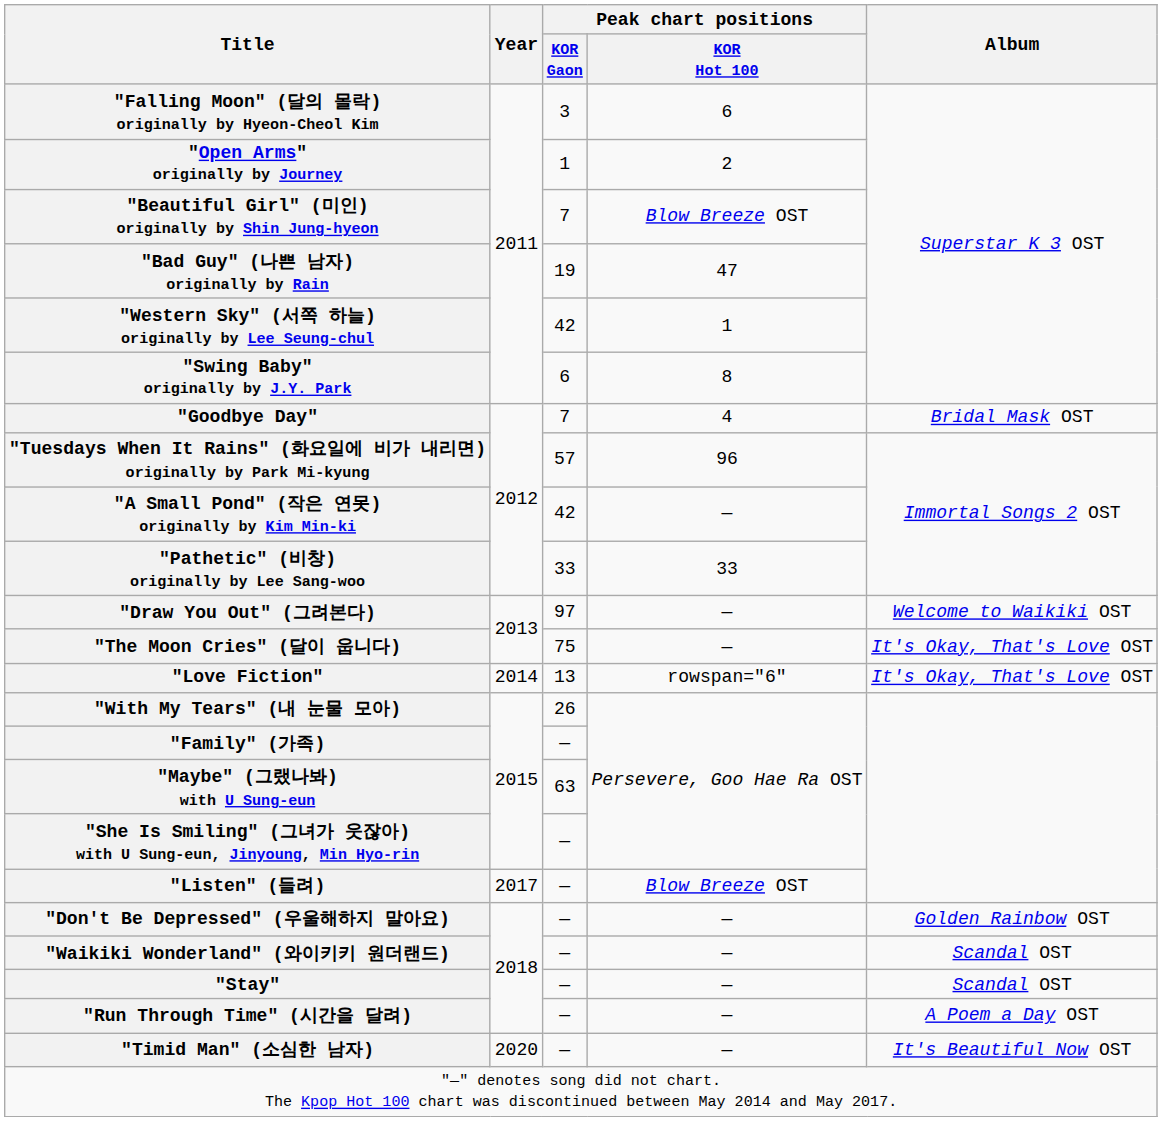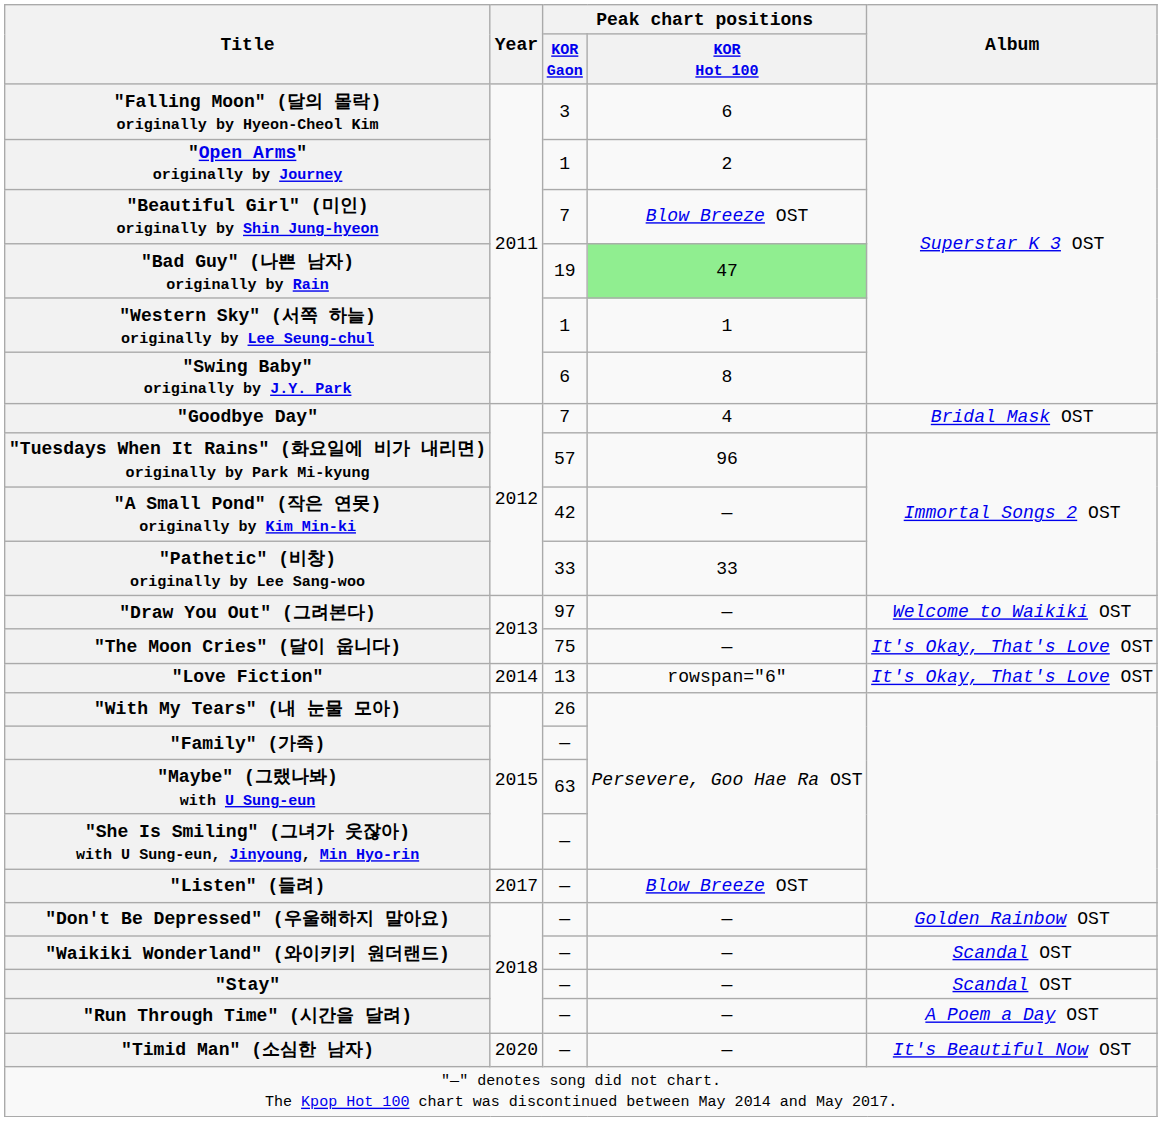 <table class="wikitable plainrowheaders" style="text-align:center;">
 <tr>
 <th rowspan="2" scope="col">Title</th>
 <th rowspan="2" scope="col">Year</th>
 <th colspan="2" scope="col" style="width:5em;">Peak chart positions</th>
 <th rowspan="2" scope="col">Album</th>
 </tr>
 <tr>
 <th><small><a href='#'>KOR<br>Gaon</a></small><br></th>
 <th><small><a href='#'>KOR<br>Hot 100</a></small><br></th>
 </tr>
 <tr>
 <th scope="row">"Falling Moon" (달의 몰락)<br><small>originally by Hyeon-Cheol Kim</small></th>
 <td rowspan="6">2011</td>
 <td>3</td>
 <td>6</td>
 <td rowspan="6"><em><a href='#'>Superstar K 3</a></em> OST</td>
 </tr>
 <tr>
 <th scope="row">"<a href='#'>Open Arms</a>"<br><small>originally by <a href='#'>Journey</a></small></th>
 <td>1</td>
 <td>2</td>
 </tr>
 <tr>
 <th scope="row">"Beautiful Girl" (미인)<br><small>originally by <a href='#'>Shin Jung-hyeon</a></small></th>
 <td>7</td>
 <td><em><a href='#'>Blow Breeze</a></em> OST</td>
 </tr>
 <tr>
 <th scope="row">"Bad Guy" (나쁜 남자)<br><small>originally by <a href='#'>Rain</a></small></th>
 <td>19</td>
-<td>47</td>
+<td style="background: lightgreen;">47</td>
 </tr>
 <tr>
 <th scope="row">"Western Sky" (서쪽 하늘)<br><small>originally by <a href='#'>Lee Seung-chul</a></small></th>
-<td>42</td>
+<td>1</td>
 <td>1</td>
 </tr>
 <tr>
 <th scope="row">"Swing Baby"<br><small>originally by <a href='#'>J.Y. Park</a></small></th>
 <td>6</td>
 <td>8</td>
 </tr>
 <tr>
 <th scope="row">"Goodbye Day"</th>
 <td rowspan="4">2012</td>
 <td>7</td>
 <td>4</td>
 <td><em><a href='#'>Bridal Mask</a></em> OST</td>
 </tr>
 <tr>
 <th scope="row">"Tuesdays When It Rains" (화요일에 비가 내리면)<br><small>originally by Park Mi-kyung</small></th>
 <td>57</td>
 <td>96</td>
 <td rowspan="3"><em><a href='#'>Immortal Songs 2</a></em> OST</td>
 </tr>
 <tr>
 <th scope="row">"A Small Pond" (작은 연못)<br><small>originally by <a href='#'>Kim Min-ki</a></small></th>
 <td>42</td>
 <td>—</td>
 </tr>
 <tr>
 <th scope="row">"Pathetic" (비창)<br><small>originally by Lee Sang-woo</small></th>
 <td>33</td>
 <td>33</td>
 </tr>
 <tr>
 <th scope="row">"Draw You Out" (그려본다)</th>
 <td rowspan="2">2013</td>
 <td>97</td>
 <td>—</td>
 <td><em><a href='#'>Welcome to Waikiki</a></em> OST</td>
 </tr>
 <tr>
 <th scope="row">"The Moon Cries" (달이 웁니다)</th>
 <td>75</td>
 <td>—</td>
 <td><em><a href='#'>It's Okay, That's Love</a></em> OST</td>
 </tr>
 <tr>
 <th scope="row">"Love Fiction"</th>
 <td>2014</td>
 <td>13</td>
 <td>rowspan="6" </td>
 <td><em><a href='#'>It's Okay, That's Love</a></em> OST</td>
 </tr>
 <tr>
 <th scope="row">"With My Tears" (내 눈물 모아)</th>
 <td rowspan="4">2015</td>
 <td>26</td>
 <td rowspan="4"><em>Persevere, Goo Hae Ra</em> OST</td>
 </tr>
 <tr>
 <th scope="row">"Family" (가족)</th>
 <td>—</td>
 </tr>
 <tr>
 <th scope="row">"Maybe" (그랬나봐)<br><small>with <a href='#'>U Sung-eun</a></small></th>
 <td>63</td>
 </tr>
 <tr>
 <th scope="row">"She Is Smiling" (그녀가 웃잖아)<br><small>with U Sung-eun, <a href='#'>Jinyoung</a>, <a href='#'>Min Hyo-rin</a></small></th>
 <td>—</td>
 </tr>
 <tr>
 <th scope="row">"Listen" (들려)</th>
 <td>2017</td>
 <td>—</td>
 <td><em><a href='#'>Blow Breeze</a></em> OST</td>
 </tr>
 <tr>
 <th scope="row">"Don't Be Depressed" (우울해하지 말아요)</th>
 <td rowspan="4">2018</td>
 <td>—</td>
 <td>—</td>
 <td><em><a href='#'>Golden Rainbow</a></em> OST</td>
 </tr>
 <tr>
 <th scope="row">"Waikiki Wonderland" (와이키키 원더랜드)</th>
 <td>—</td>
 <td>—</td>
 <td><em><a href='#'>Scandal</a></em> OST</td>
 </tr>
 <tr>
 <th scope="row">"Stay"</th>
 <td>—</td>
 <td>—</td>
 <td><em><a href='#'>Scandal</a></em> OST</td>
 </tr>
 <tr>
 <th scope="row">"Run Through Time" (시간을 달려)</th>
 <td>—</td>
 <td>—</td>
 <td><em><a href='#'>A Poem a Day</a></em> OST</td>
 </tr>
 <tr>
 <th scope="row">"Timid Man" (소심한 남자)</th>
 <td>2020</td>
 <td>—</td>
 <td>—</td>
 <td><em><a href='#'>It's Beautiful Now</a></em> OST</td>
 </tr>
 <tr>
 <td colspan="5"><small>"—" denotes song did not chart.<br>The <a href='#'>Kpop Hot 100</a> chart was discontinued between May 2014 and May 2017.</small></td>
 </tr>
 </table>
